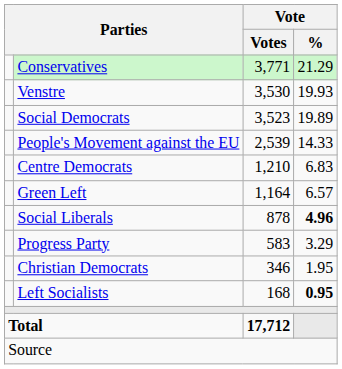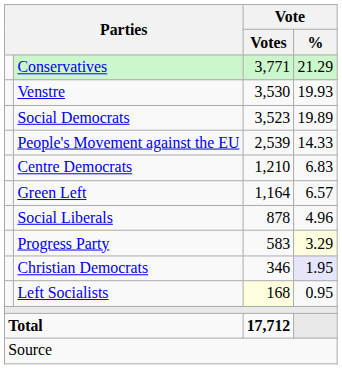 <table class="wikitable" style="text-align:right;">
 <tr>
 <th style="text-align:centre;" rowspan="2" colspan="2" width="225">Parties</th>
 <th colspan="3">Vote</th>
 </tr>
 <tr>
 <th width="15">Votes</th>
 <th width="15">%</th>
 </tr>
 <tr>
 <td width="2" style="color:inherit;background:"></td>
 <td bgcolor=#ccf7cc   align="left"><a href='#'>Conservatives</a></td>
 <td bgcolor=#ccf7cc>3,771</td>
 <td bgcolor=#ccf7cc>21.29</td>
 </tr>
 <tr>
 <td width="2" style="color:inherit;background:"></td>
 <td align="left"><a href='#'>Venstre</a></td>
 <td>3,530</td>
 <td>19.93</td>
 </tr>
 <tr>
 <td width="2" style="color:inherit;background:"></td>
 <td align="left"><a href='#'>Social Democrats</a></td>
 <td>3,523</td>
 <td>19.89</td>
 </tr>
 <tr>
 <td width="2" style="color:inherit;background:"></td>
 <td align="left"><a href='#'>People's Movement against the EU</a></td>
 <td>2,539</td>
 <td>14.33</td>
 </tr>
 <tr>
 <td width="2" style="color:inherit;background:"></td>
 <td align="left"><a href='#'>Centre Democrats</a></td>
 <td>1,210</td>
 <td>6.83</td>
 </tr>
 <tr>
 <td width="2" style="color:inherit;background:"></td>
 <td align="left"><a href='#'>Green Left</a></td>
 <td>1,164</td>
 <td>6.57</td>
 </tr>
 <tr>
 <td width="2" style="color:inherit;background:"></td>
 <td align="left"><a href='#'>Social Liberals</a></td>
 <td>878</td>
-<td><strong>4.96</strong></td>
+<td>4.96</td>
 </tr>
 <tr>
 <td width="2" style="color:inherit;background:"></td>
 <td align="left"><a href='#'>Progress Party</a></td>
 <td>583</td>
-<td>3.29</td>
+<td style="background: lightyellow;">3.29</td>
 </tr>
 <tr>
 <td width="2" style="color:inherit;background:"></td>
 <td align="left"><a href='#'>Christian Democrats</a></td>
 <td>346</td>
-<td>1.95</td>
+<td style="background: lavender;">1.95</td>
 </tr>
 <tr>
 <td width="2" style="color:inherit;background:"></td>
 <td align="left"><a href='#'>Left Socialists</a></td>
-<td>168</td>
-<td><strong>0.95</strong></td>
+<td style="background: lightyellow;">168</td>
+<td>0.95</td>
 </tr>
 <tr>
 <td colspan="7" bgcolor="#E9E9E9"></td>
 </tr>
 <tr>
 <td align="left" colspan="2"><strong>Total</strong></td>
 <td><strong>17,712</strong></td>
 <td bgcolor="#E9E9E9" colspan="2"></td>
 </tr>
 <tr>
 <td align="left" colspan="6">Source</td>
 </tr>
 </table>
